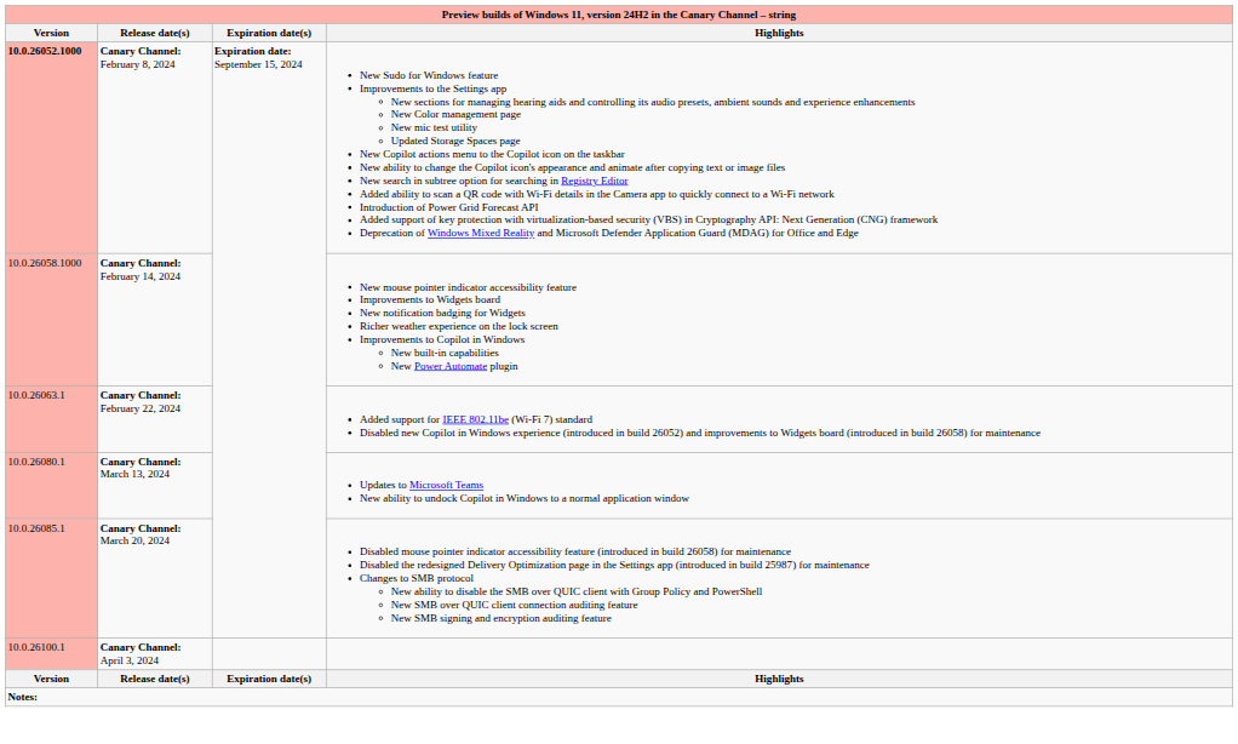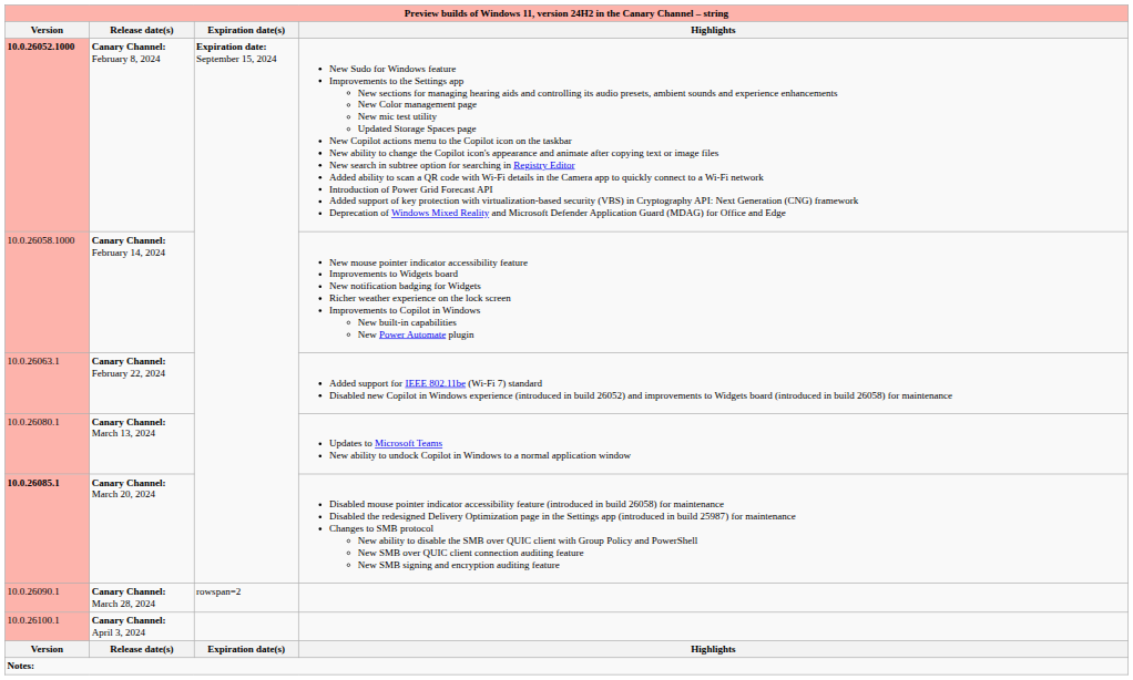 <table class="wikitable mw-collapsible mw-collapsed" style=width:100%;font-size:88%>
 <tr>
 <th colspan=4 style=background:#fdb3ab>Preview builds of Windows 11, version 24H2 in the Canary Channel –  string</th>
 </tr>
 <tr>
 <th scope=col style=width:8em>Version</th>
 <th scope=col style=width:10em>Release date(s)</th>
 <th scope=col style=width:10em>Expiration date(s)</th>
 <th scope=col>Highlights</th>
 </tr>
 <tr valign=top>
 <td style=background:#fdb3ab><strong>10.0.26052.1000<br></strong></td>
 <td><strong>Canary Channel:</strong><br>February 8, 2024</td>
 <td rowspan=5><strong>Expiration date:</strong><br>September 15, 2024</td>
 <td><br><ul><li>New Sudo for Windows feature</li><li>Improvements to the Settings app<ul><li>New sections for managing hearing aids and controlling its audio presets, ambient sounds and experience enhancements</li><li>New Color management page</li><li>New mic test utility</li><li>Updated Storage Spaces page</li></ul></li><li>New Copilot actions menu to the Copilot icon on the taskbar</li><li>New ability to change the Copilot icon's appearance and animate after copying text or image files</li><li>New search in subtree option for searching in <a href='#'>Registry Editor</a></li><li>Added ability to scan a QR code with Wi-Fi details in the Camera app to quickly connect to a Wi-Fi network</li><li>Introduction of Power Grid Forecast API</li><li>Added support of key protection with virtualization-based security (VBS) in Cryptography API: Next Generation (CNG) framework</li><li>Deprecation of <a href='#'>Windows Mixed Reality</a> and Microsoft Defender Application Guard (MDAG) for Office and Edge</li></ul></td>
 </tr>
 <tr valign=top>
 <td style=background:#fdb3ab>10.0.26058.1000<br></td>
 <td><strong>Canary Channel:</strong><br>February 14, 2024</td>
 <td><br><ul><li>New mouse pointer indicator accessibility feature</li><li>Improvements to Widgets board</li><li>New notification badging for Widgets</li><li>Richer weather experience on the lock screen</li><li>Improvements to Copilot in Windows<ul><li>New built-in capabilities</li><li>New <a href='#'>Power Automate</a> plugin</li></ul></li></ul></td>
 </tr>
 <tr valign=top>
 <td style=background:#fdb3ab>10.0.26063.1<br></td>
 <td><strong>Canary Channel:</strong><br>February 22, 2024</td>
 <td><br><ul><li>Added support for <a href='#'>IEEE 802.11be</a> (Wi-Fi 7) standard</li><li>Disabled new Copilot in Windows experience (introduced in build 26052) and improvements to Widgets board (introduced in build 26058) for maintenance</li></ul></td>
 </tr>
 <tr valign=top>
 <td style=background:#fdb3ab>10.0.26080.1<br></td>
 <td><strong>Canary Channel:</strong><br>March 13, 2024</td>
 <td><br><ul><li>Updates to <a href='#'>Microsoft Teams</a></li><li>New ability to undock Copilot in Windows to a normal application window</li></ul></td>
 </tr>
 <tr valign=top>
-<td style=background:#fdb3ab>10.0.26085.1<br></td>
+<td style=background:#fdb3ab><strong>10.0.26085.1<br></strong></td>
 <td><strong>Canary Channel:</strong><br>March 20, 2024</td>
 <td><br><ul><li>Disabled mouse pointer indicator accessibility feature (introduced in build 26058) for maintenance</li><li>Disabled the redesigned Delivery Optimization page in the Settings app (introduced in build 25987) for maintenance</li><li>Changes to SMB protocol<ul><li>New ability to disable the SMB over QUIC client with Group Policy and PowerShell</li><li>New SMB over QUIC client connection auditing feature</li><li>New SMB signing and encryption auditing feature</li></ul></li></ul></td>
+</tr>
+<tr valign=top>
+<td style=background:#fdb3ab>10.0.26090.1<br></td>
+<td><strong>Canary Channel:</strong><br>March 28, 2024</td>
+<td>rowspan=2 </td>
+<td></td>
 </tr>
 <tr valign=top>
 <td style=background:#fdb3ab>10.0.26100.1<br></td>
 <td><strong>Canary Channel:</strong><br>April 3, 2024</td>
 <td></td>
 </tr>
 <tr>
 <th>Version</th>
 <th>Release date(s)</th>
 <th>Expiration date(s)</th>
 <th>Highlights</th>
 </tr>
 <tr>
 <td class="wikitable mw-collapsible" colspan=4 style=text-align:left><strong>Notes:</strong></td>
 </tr>
 </table>
